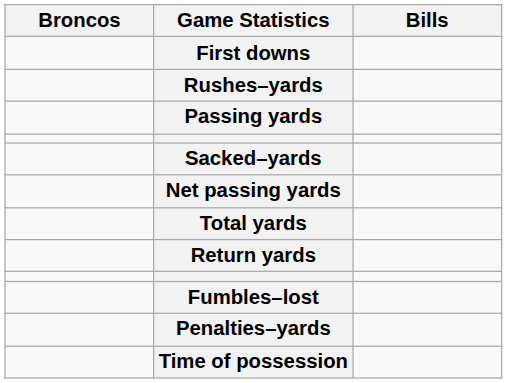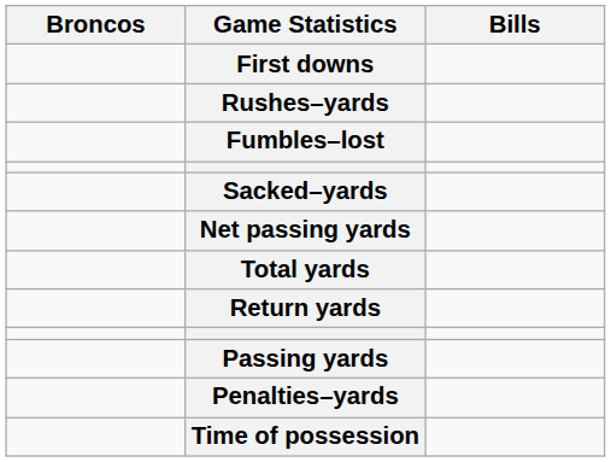 <table class="wikitable" style="margin: 1em auto 1em auto">
 <tr>
 <th style="width:30%;">Broncos</th>
 <th style="width:40%;">Game Statistics</th>
 <th style="width:30%;">Bills</th>
 </tr>
 <tr>
 <td style="text-align:right;"></td>
 <th>First downs</th>
 <td></td>
 </tr>
 <tr>
 <td style="text-align:right;"></td>
 <th>Rushes–yards</th>
 <td></td>
 </tr>
 <tr>
 <td style="text-align:right;"></td>
-<th>Passing yards</th>
+<th>Fumbles–lost</th>
 <td></td>
 </tr>
 <tr>
 <td style="text-align:right;"></td>
 <th></th>
 <td></td>
 </tr>
 <tr>
 <td style="text-align:right;"></td>
 <th>Sacked–yards</th>
 <td></td>
 </tr>
 <tr>
 <td style="text-align:right;"></td>
 <th>Net passing yards</th>
 <td></td>
 </tr>
 <tr>
 <td style="text-align:right;"></td>
 <th>Total yards</th>
 <td></td>
 </tr>
 <tr>
 <td style="text-align:right;"></td>
 <th>Return yards</th>
 <td></td>
 </tr>
 <tr>
 <td style="text-align:right;"></td>
 <th></th>
 <td></td>
 </tr>
 <tr>
 <td style="text-align:right;"></td>
-<th>Fumbles–lost</th>
+<th>Passing yards</th>
 <td></td>
 </tr>
 <tr>
 <td style="text-align:right;"></td>
 <th>Penalties–yards</th>
 <td></td>
 </tr>
 <tr>
 <td style="text-align:right;"></td>
 <th>Time of possession</th>
 <td></td>
 </tr>
 </table>
